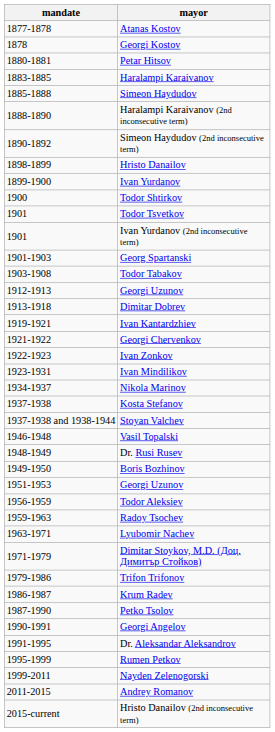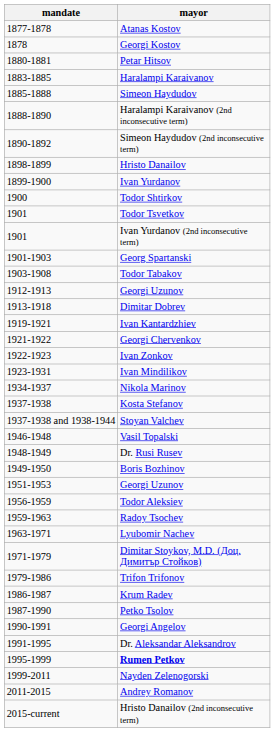 <table class="wikitable">
 <tr>
 <th>mandate</th>
 <th width="230px">mayor</th>
 </tr>
 <tr>
 <td>1877-1878</td>
 <td><a href='#'>Atanas Kostov</a></td>
 </tr>
 <tr>
 <td>1878</td>
 <td><a href='#'>Georgi Kostov</a></td>
 </tr>
 <tr>
 <td>1880-1881</td>
 <td><a href='#'>Petar Hitsov</a></td>
 </tr>
 <tr>
 <td>1883-1885</td>
 <td><a href='#'>Haralampi Karaivanov</a></td>
 </tr>
 <tr>
 <td>1885-1888</td>
 <td><a href='#'>Simeon Haydudov</a></td>
 </tr>
 <tr>
 <td>1888-1890</td>
 <td>Haralampi Karaivanov <small>(2nd inconsecutive term)</small></td>
 </tr>
 <tr>
 <td>1890-1892</td>
 <td>Simeon Haydudov <small>(2nd inconsecutive term)</small></td>
 </tr>
 <tr>
 <td>1898-1899</td>
 <td><a href='#'>Hristo Danailov</a></td>
 </tr>
 <tr>
 <td>1899-1900</td>
 <td><a href='#'>Ivan Yurdanov</a></td>
 </tr>
 <tr>
 <td>1900</td>
 <td><a href='#'>Todor Shtirkov</a></td>
 </tr>
 <tr>
 <td>1901</td>
 <td><a href='#'>Todor Tsvetkov</a></td>
 </tr>
 <tr>
 <td>1901</td>
 <td>Ivan Yurdanov <small>(2nd inconsecutive term)</small></td>
 </tr>
 <tr>
 <td>1901-1903</td>
 <td><a href='#'>Georg Spartanski</a></td>
 </tr>
 <tr>
 <td>1903-1908</td>
 <td><a href='#'>Todor Tabakov</a></td>
 </tr>
 <tr>
 <td>1912-1913</td>
 <td><a href='#'>Georgi Uzunov</a></td>
 </tr>
 <tr>
 <td>1913-1918</td>
 <td><a href='#'>Dimitar Dobrev</a></td>
 </tr>
 <tr>
 <td>1919-1921</td>
 <td><a href='#'>Ivan Kantardzhiev</a></td>
 </tr>
 <tr>
 <td>1921-1922</td>
 <td><a href='#'>Georgi Chervenkov</a></td>
 </tr>
 <tr>
 <td>1922-1923</td>
 <td><a href='#'>Ivan Zonkov</a></td>
 </tr>
 <tr>
 <td>1923-1931</td>
 <td><a href='#'>Ivan Mindilikov</a></td>
 </tr>
 <tr>
 <td>1934-1937</td>
 <td><a href='#'>Nikola Marinov</a></td>
 </tr>
 <tr>
 <td>1937-1938</td>
 <td><a href='#'>Kosta Stefanov</a></td>
 </tr>
 <tr>
 <td>1937-1938 and 1938-1944</td>
 <td><a href='#'>Stoyan Valchev</a></td>
 </tr>
 <tr>
 <td>1946-1948</td>
 <td><a href='#'>Vasil Topalski</a></td>
 </tr>
 <tr>
 <td>1948-1949</td>
 <td>Dr. <a href='#'>Rusi Rusev</a></td>
 </tr>
 <tr>
 <td>1949-1950</td>
 <td><a href='#'>Boris Bozhinov</a></td>
 </tr>
 <tr>
 <td>1951-1953</td>
 <td><a href='#'>Georgi Uzunov</a></td>
 </tr>
 <tr>
 <td>1956-1959</td>
 <td><a href='#'>Todor Aleksiev</a></td>
 </tr>
 <tr>
 <td>1959-1963</td>
 <td><a href='#'>Radoy Tsochev</a></td>
 </tr>
 <tr>
 <td>1963-1971</td>
 <td><a href='#'>Lyubomir Nachev</a></td>
 </tr>
 <tr>
 <td>1971-1979</td>
 <td><a href='#'>Dimitar Stoykov, M.D. (Доц. Димитър Стойков)</a></td>
 </tr>
 <tr>
 <td>1979-1986</td>
 <td><a href='#'>Trifon Trifonov</a></td>
 </tr>
 <tr>
 <td>1986-1987</td>
 <td><a href='#'>Krum Radev</a></td>
 </tr>
 <tr>
 <td>1987-1990</td>
 <td><a href='#'>Petko Tsolov</a></td>
 </tr>
 <tr>
 <td>1990-1991</td>
 <td><a href='#'>Georgi Angelov</a></td>
 </tr>
 <tr>
 <td>1991-1995</td>
 <td>Dr. <a href='#'>Aleksandar Aleksandrov</a></td>
 </tr>
 <tr>
 <td>1995-1999</td>
-<td><a href='#'>Rumen Petkov</a></td>
+<td><strong><a href='#'>Rumen Petkov</a></strong></td>
 </tr>
 <tr>
 <td>1999-2011</td>
 <td><a href='#'>Nayden Zelenogorski</a></td>
 </tr>
 <tr>
 <td>2011-2015</td>
 <td><a href='#'>Andrey Romanov</a></td>
 </tr>
 <tr>
 <td>2015-current</td>
 <td>Hristo Danailov <small>(2nd inconsecutive term)</small></td>
 </tr>
 </table>
